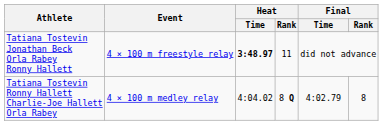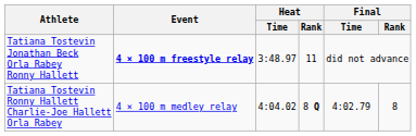 <table class=wikitable style=font-size:90%>
 <tr>
 <th rowspan=2>Athlete</th>
 <th rowspan=2>Event</th>
 <th colspan=2>Heat</th>
 <th colspan=2>Final</th>
 </tr>
 <tr style=font-size:95%>
 <th>Time</th>
 <th>Rank</th>
 <th>Time</th>
 <th>Rank</th>
 </tr>
 <tr align=center>
 <td align=left><a href='#'>Tatiana Tostevin</a><br><a href='#'>Jonathan Beck</a><br><a href='#'>Orla Rabey</a><br><a href='#'>Ronny Hallett</a></td>
-<td align=left><a href='#'>4 × 100 m freestyle relay</a></td>
-<td><strong>3:48.97</strong></td>
+<td align=left><strong><a href='#'>4 × 100 m freestyle relay</a></strong></td>
+<td>3:48.97</td>
 <td>11</td>
 <td colspan=2>did not advance</td>
 </tr>
 <tr align=center>
 <td align=left><a href='#'>Tatiana Tostevin</a><br><a href='#'>Ronny Hallett</a><br><a href='#'>Charlie-Joe Hallett</a><br><a href='#'>Orla Rabey</a></td>
 <td align=left><a href='#'>4 × 100 m medley relay</a></td>
 <td>4:04.02</td>
 <td>8 <strong>Q</strong></td>
 <td>4:02.79</td>
 <td>8</td>
 </tr>
 </table>
